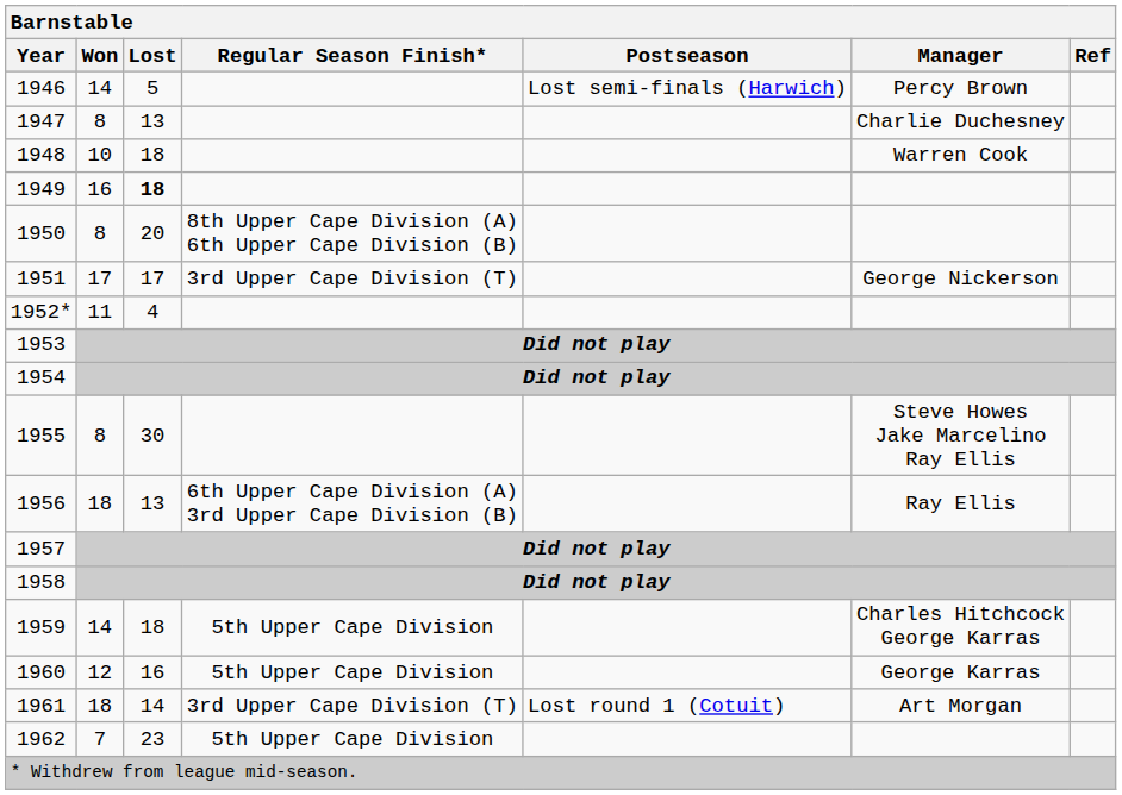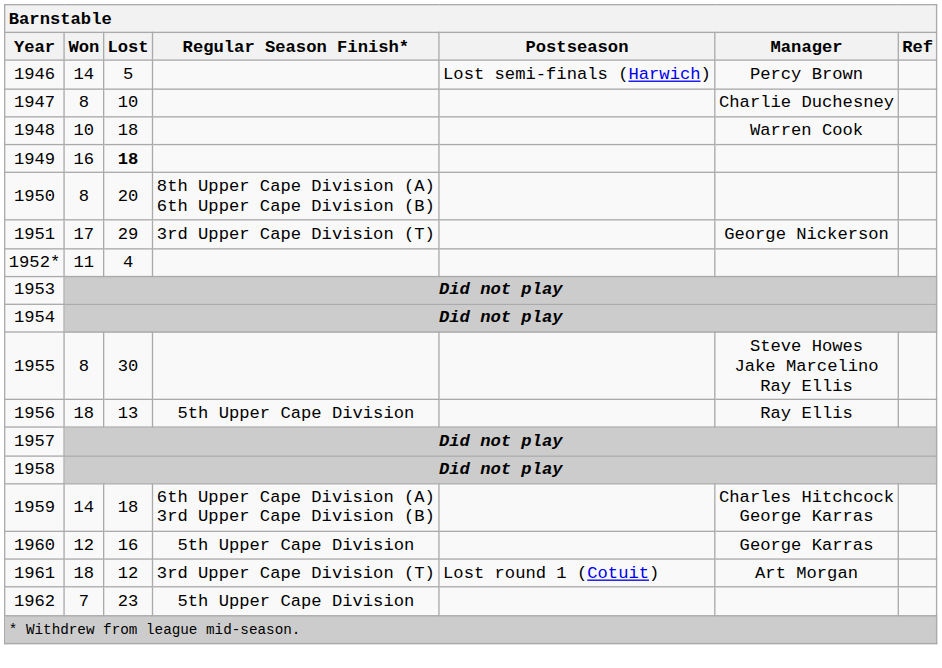 <table class="wikitable" style="margin-right: 30px; text-align:center">
 <tr>
 <th style="text-align:left" colspan="7"><strong><span>Barnstable</span></strong></th>
 </tr>
 <tr>
 <th scope="col">Year</th>
 <th scope="col">Won</th>
 <th scope="col">Lost</th>
 <th scope="col">Regular Season Finish*</th>
 <th scope="col">Postseason</th>
 <th scope="col">Manager</th>
 <th scope="col">Ref</th>
 </tr>
 <tr>
 <td>1946</td>
 <td>14</td>
 <td>5</td>
 <td></td>
 <td style="text-align:left">Lost semi-finals (<a href='#'>Harwich</a>)</td>
 <td>Percy Brown</td>
 <td></td>
 </tr>
 <tr>
 <td>1947</td>
 <td>8</td>
-<td>13</td>
+<td>10</td>
 <td></td>
 <td></td>
 <td>Charlie Duchesney</td>
 <td></td>
 </tr>
 <tr>
 <td>1948</td>
 <td>10</td>
 <td>18</td>
 <td></td>
 <td></td>
 <td>Warren Cook</td>
 <td></td>
 </tr>
 <tr>
 <td>1949</td>
 <td>16</td>
 <td><strong>18</strong></td>
 <td></td>
 <td></td>
 <td></td>
 <td></td>
 </tr>
 <tr>
 <td>1950</td>
 <td>8</td>
 <td>20</td>
 <td>8th Upper Cape Division (A)<br>6th Upper Cape Division (B)</td>
 <td></td>
 <td></td>
 <td></td>
 </tr>
 <tr>
 <td>1951</td>
 <td>17</td>
-<td>17</td>
+<td>29</td>
 <td>3rd Upper Cape Division (T)</td>
 <td></td>
 <td>George Nickerson</td>
 <td></td>
 </tr>
 <tr>
 <td>1952*</td>
 <td>11</td>
 <td>4</td>
 <td></td>
 <td></td>
 <td></td>
 <td></td>
 </tr>
 <tr>
 <td>1953</td>
 <td colspan="6" align="center" bgcolor=#cccccc><strong><em>Did not play</em></strong></td>
 </tr>
 <tr>
 <td>1954</td>
 <td colspan="6" align="center" bgcolor=#cccccc><strong><em>Did not play</em></strong></td>
 </tr>
 <tr>
 <td>1955</td>
 <td>8</td>
 <td>30</td>
 <td></td>
 <td></td>
 <td>Steve Howes<br>Jake Marcelino<br>Ray Ellis</td>
 <td><br></td>
 </tr>
 <tr>
 <td>1956</td>
 <td>18</td>
 <td>13</td>
-<td>6th Upper Cape Division (A)<br>3rd Upper Cape Division (B)</td>
+<td>5th Upper Cape Division</td>
 <td></td>
 <td>Ray Ellis</td>
 <td></td>
 </tr>
 <tr>
 <td>1957</td>
 <td colspan="6" align="center" bgcolor=#cccccc><strong><em>Did not play</em></strong></td>
 </tr>
 <tr>
 <td>1958</td>
 <td colspan="6" align="center" bgcolor=#cccccc><strong><em>Did not play</em></strong></td>
 </tr>
 <tr>
 <td>1959</td>
 <td>14</td>
 <td>18</td>
-<td>5th Upper Cape Division</td>
+<td>6th Upper Cape Division (A)<br>3rd Upper Cape Division (B)</td>
 <td></td>
 <td>Charles Hitchcock<br>George Karras</td>
 <td></td>
 </tr>
 <tr>
 <td>1960</td>
 <td>12</td>
 <td>16</td>
 <td>5th Upper Cape Division</td>
 <td></td>
 <td>George Karras</td>
 <td></td>
 </tr>
 <tr>
 <td>1961</td>
 <td>18</td>
-<td>14</td>
+<td>12</td>
 <td>3rd Upper Cape Division (T)</td>
 <td style="text-align:left">Lost round 1 (<a href='#'>Cotuit</a>)</td>
 <td>Art Morgan</td>
 <td></td>
 </tr>
 <tr>
 <td>1962</td>
 <td>7</td>
 <td>23</td>
 <td>5th Upper Cape Division</td>
 <td></td>
 <td></td>
 <td></td>
 </tr>
 <tr>
 <td colspan="8" align="left" bgcolor=#cccccc><small>* Withdrew from league mid-season.</small></td>
 </tr>
 <tr>
 </tr>
 </table>
